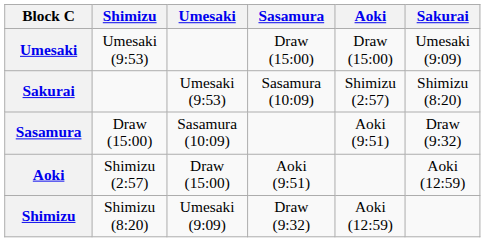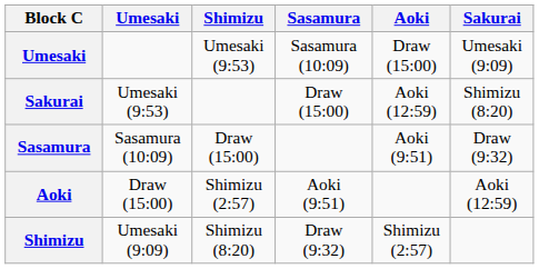 <table class="wikitable" style="text-align:center; margin: 1em auto 1em auto;" width="25%">
 <tr>
 <th>Block C</th>
+<th><a href='#'>Umesaki</a></th>
 <th><a href='#'>Shimizu</a></th>
-<th><a href='#'>Umesaki</a></th>
 <th><a href='#'>Sasamura</a></th>
 <th><a href='#'>Aoki</a></th>
 <th><a href='#'>Sakurai</a></th>
 </tr>
 <tr>
 <th><a href='#'>Umesaki</a></th>
+<td></td>
 <td>Umesaki<br>(9:53)</td>
-<td></td>
-<td>Draw<br>(15:00)</td>
+<td>Sasamura<br>(10:09)</td>
 <td>Draw<br>(15:00)</td>
 <td>Umesaki<br>(9:09)</td>
 </tr>
 <tr>
 <th><a href='#'>Sakurai</a></th>
+<td>Umesaki<br>(9:53)</td>
 <td></td>
-<td>Umesaki<br>(9:53)</td>
-<td>Sasamura<br>(10:09)</td>
-<td>Shimizu<br>(2:57)</td>
+<td>Draw<br>(15:00)</td>
+<td>Aoki<br>(12:59)</td>
 <td>Shimizu<br>(8:20)</td>
 </tr>
 <tr>
 <th><a href='#'>Sasamura</a></th>
+<td>Sasamura<br>(10:09)</td>
 <td>Draw<br>(15:00)</td>
-<td>Sasamura<br>(10:09)</td>
 <td></td>
 <td>Aoki<br>(9:51)</td>
 <td>Draw<br>(9:32)</td>
 </tr>
 <tr>
 <th><a href='#'>Aoki</a></th>
+<td>Draw<br>(15:00)</td>
 <td>Shimizu<br>(2:57)</td>
-<td>Draw<br>(15:00)</td>
 <td>Aoki<br>(9:51)</td>
 <td></td>
 <td>Aoki<br>(12:59)</td>
 </tr>
 <tr>
 <th><a href='#'>Shimizu</a></th>
+<td>Umesaki<br>(9:09)</td>
 <td>Shimizu<br>(8:20)</td>
-<td>Umesaki<br>(9:09)</td>
 <td>Draw<br>(9:32)</td>
-<td>Aoki<br>(12:59)</td>
+<td>Shimizu<br>(2:57)</td>
 <td></td>
 </tr>
 </table>
